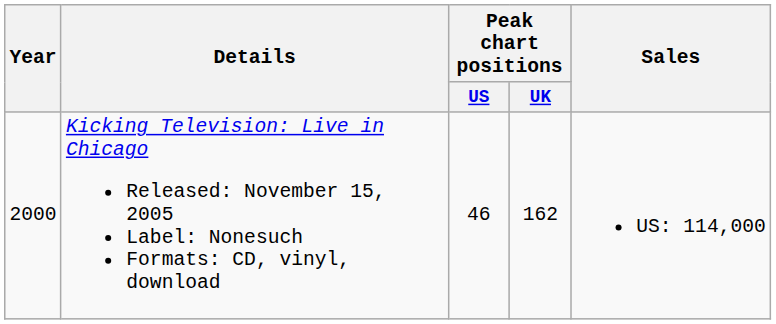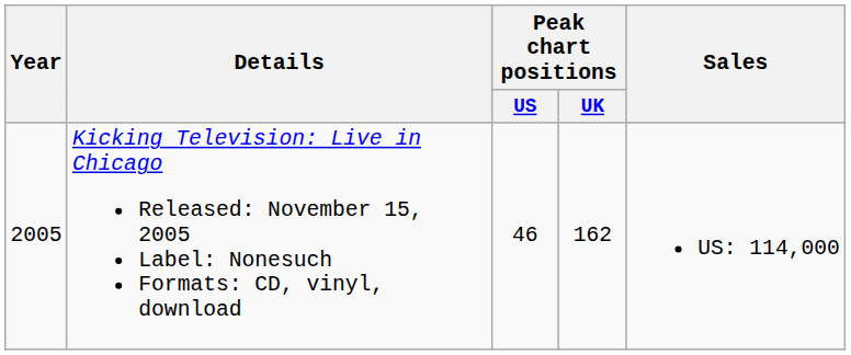 <table class="wikitable" style="text-align:center">
 <tr>
 <th rowspan="2" width=10>Year</th>
 <th rowspan="2" width=250>Details</th>
 <th colspan="2">Peak chart positions</th>
 <th rowspan="2">Sales</th>
 </tr>
 <tr>
 <th style="width:3em;font-size:90%"><a href='#'>US</a><br></th>
 <th style="width:3em;font-size:90%"><a href='#'>UK</a><br></th>
 </tr>
 <tr>
-<td>2000</td>
+<td>2005</td>
 <td align="left"><em><a href='#'>Kicking Television: Live in Chicago</a></em><br><ul><li>Released: November 15, 2005</li><li>Label: Nonesuch</li><li>Formats: CD, vinyl, download</li></ul></td>
 <td>46</td>
 <td>162</td>
 <td><br><ul><li>US: 114,000</li></ul></td>
 </tr>
 </table>
